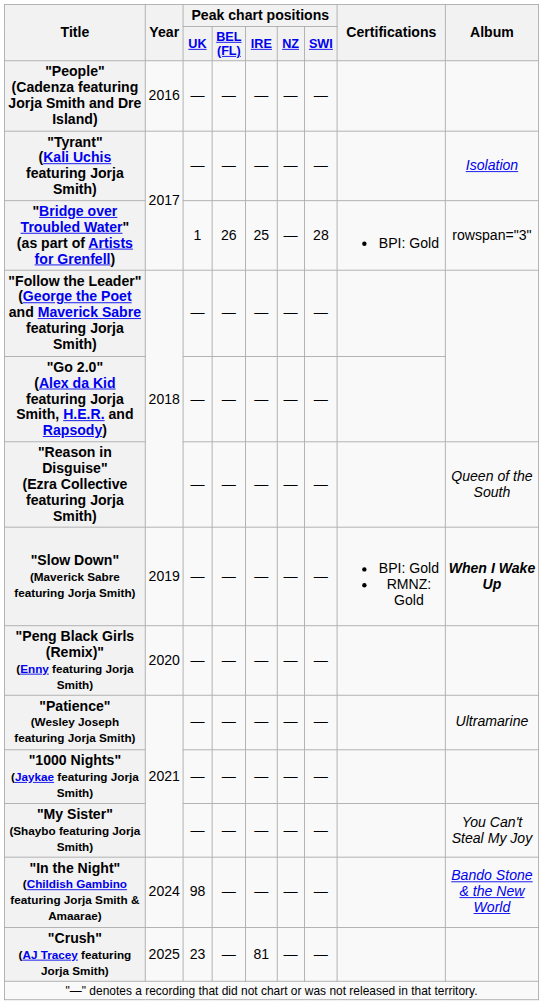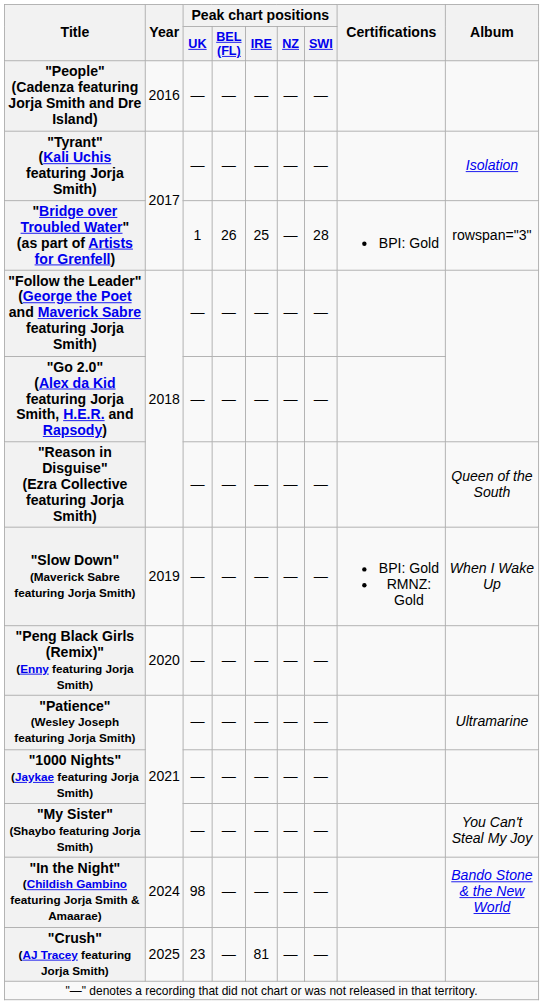 <table class="wikitable plainrowheaders" style="text-align:center;">
 <tr>
 <th scope="col" rowspan="2" style="width:25em;">Title</th>
 <th scope="col" rowspan="2" style="width:1em;">Year</th>
 <th scope="col" colspan="5">Peak chart positions</th>
 <th scope="col" rowspan="2" style="width:10em;">Certifications</th>
 <th scope="col" rowspan="2" style="width:8em;">Album</th>
 </tr>
 <tr>
 <th scope="col" style="width:3em;font-size:90%;"><a href='#'>UK</a><br></th>
 <th scope="col" style="width:3em;font-size:90%;"><a href='#'>BEL<br>(FL)</a><br></th>
 <th scope="col" style="width:3em;font-size:90%;"><a href='#'>IRE</a><br></th>
 <th scope="col" style="width:3em;font-size:90%;"><a href='#'>NZ</a></th>
 <th scope="col" style="width:3em;font-size:90%;"><a href='#'>SWI</a></th>
 </tr>
 <tr>
 <th scope="row">"People"<br><span>(Cadenza featuring Jorja Smith and Dre Island)</span></th>
 <td>2016</td>
 <td>—</td>
 <td>—</td>
 <td>—</td>
 <td>—</td>
 <td>—</td>
 <td></td>
 <td></td>
 </tr>
 <tr>
 <th scope="row">"Tyrant"<br><span>(<a href='#'>Kali Uchis</a> featuring Jorja Smith)</span></th>
 <td rowspan="2">2017</td>
 <td>—</td>
 <td>—</td>
 <td>—</td>
 <td>—</td>
 <td>—</td>
 <td></td>
 <td><em><a href='#'>Isolation</a></em></td>
 </tr>
 <tr>
 <th scope="row">"<a href='#'>Bridge over Troubled Water</a>"<br><span>(as part of <a href='#'>Artists for Grenfell</a>)</span></th>
 <td>1</td>
 <td>26</td>
 <td>25</td>
 <td>—</td>
 <td>28</td>
 <td><br><ul><li>BPI: Gold</li></ul></td>
 <td>rowspan="3" </td>
 </tr>
 <tr>
 <th scope="row">"Follow the Leader"<br><span>(<a href='#'>George the Poet</a> and <a href='#'>Maverick Sabre</a> featuring Jorja Smith)</span></th>
 <td rowspan="3">2018</td>
 <td>—</td>
 <td>—</td>
 <td>—</td>
 <td>—</td>
 <td>—</td>
 <td></td>
 </tr>
 <tr>
 <th scope="row">"Go 2.0"<br><span>(<a href='#'>Alex da Kid</a> featuring Jorja Smith, <a href='#'>H.E.R.</a> and <a href='#'>Rapsody</a>)</span></th>
 <td>—</td>
 <td>—</td>
 <td>—</td>
 <td>—</td>
 <td>—</td>
 <td></td>
 </tr>
 <tr>
 <th scope="row">"Reason in Disguise"<br><span>(Ezra Collective featuring Jorja Smith)</span></th>
 <td>—</td>
 <td>—</td>
 <td>—</td>
 <td>—</td>
 <td>—</td>
 <td></td>
 <td><em>Queen of the South</em></td>
 </tr>
 <tr>
 <th scope="row">"Slow Down"<br><small>(Maverick Sabre featuring Jorja Smith)</small></th>
 <td>2019</td>
 <td>—</td>
 <td>—</td>
 <td>—</td>
 <td>—</td>
 <td>—</td>
 <td><br><ul><li>BPI: Gold</li><li>RMNZ: Gold</li></ul></td>
-<td><strong><em>When I Wake Up</em></strong></td>
+<td><em>When I Wake Up</em></td>
 </tr>
 <tr>
 <th scope="row">"Peng Black Girls (Remix)"<br><small>(<a href='#'>Enny</a> featuring Jorja Smith)</small></th>
 <td>2020</td>
 <td>—</td>
 <td>—</td>
 <td>—</td>
 <td>—</td>
 <td>—</td>
 <td></td>
 <td></td>
 </tr>
 <tr>
 <th scope="row">"Patience"<br><small>(Wesley Joseph featuring Jorja Smith)</small></th>
 <td rowspan="3">2021</td>
 <td>—</td>
 <td>—</td>
 <td>—</td>
 <td>—</td>
 <td>—</td>
 <td></td>
 <td><em>Ultramarine</em></td>
 </tr>
 <tr>
 <th scope="row">"1000 Nights"<br><small>(<a href='#'>Jaykae</a> featuring Jorja Smith)</small></th>
 <td>—</td>
 <td>—</td>
 <td>—</td>
 <td>—</td>
 <td>—</td>
 <td></td>
 <td></td>
 </tr>
 <tr>
 <th scope="row">"My Sister"<br><small>(Shaybo featuring Jorja Smith)</small></th>
 <td>—</td>
 <td>—</td>
 <td>—</td>
 <td>—</td>
 <td>—</td>
 <td></td>
 <td><em>You Can't Steal My Joy</em></td>
 </tr>
 <tr>
 <th scope="row">"In the Night"<br><small>(<a href='#'>Childish Gambino</a> featuring Jorja Smith & Amaarae)</small></th>
 <td>2024</td>
 <td>98</td>
 <td>—</td>
 <td>—</td>
 <td>—</td>
 <td>—</td>
 <td></td>
 <td><em><a href='#'>Bando Stone & the New World</a></em></td>
 </tr>
 <tr>
 <th scope="row">"Crush"<br><small>(<a href='#'>AJ Tracey</a> featuring Jorja Smith)</small></th>
 <td>2025</td>
 <td>23</td>
 <td>—</td>
 <td>81<br></td>
 <td>—</td>
 <td>—</td>
 <td></td>
 <td></td>
 </tr>
 <tr>
 <td colspan="15" style="font-size:85%">"—" denotes a recording that did not chart or was not released in that territory.</td>
 </tr>
 </table>
